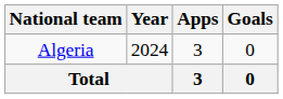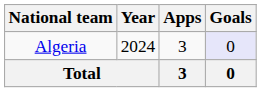 <table class="wikitable" style="text-align:center">
 <tr>
 <th>National team</th>
 <th>Year</th>
 <th>Apps</th>
 <th>Goals</th>
 </tr>
 <tr>
 <td rowspan="1"><a href='#'>Algeria</a></td>
 <td>2024</td>
 <td>3</td>
-<td>0</td>
+<td style="background: lavender;">0</td>
 </tr>
 <tr>
 <th colspan="2">Total</th>
 <th>3</th>
 <th>0</th>
 </tr>
 </table>
